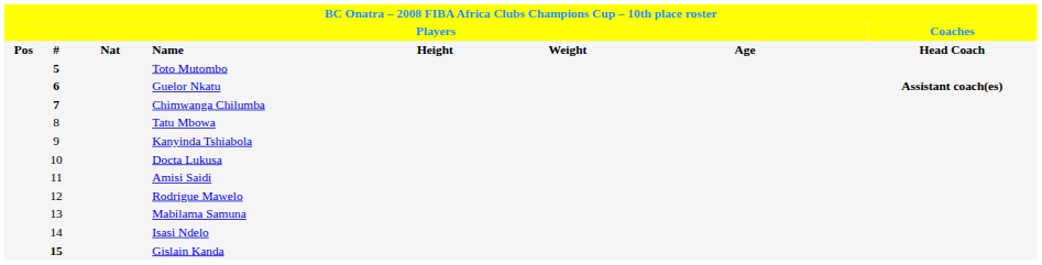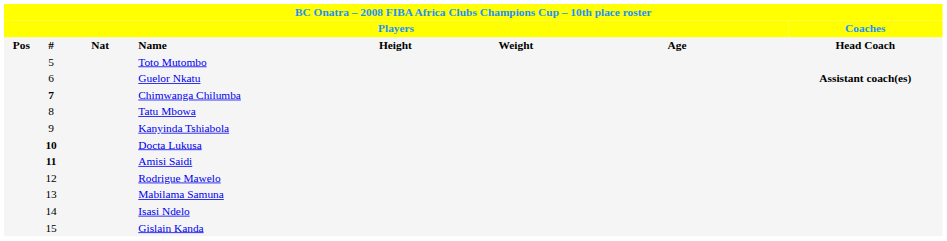 <table border=0 cellpadding=2 cellspacing=0  |- bgcolor=#f5f5f5 style="text-align:center; font-size:90%;" width=75%>
 <tr>
 <td colspan="8" style="background: yellow; color: #1e90ff"><strong>BC Onatra – 2008 FIBA Africa Clubs Champions Cup – 10th place roster</strong></td>
 </tr>
 <tr>
 <td colspan="7" style="background: yellow; color: #1e90ff"><strong>Players</strong></td>
 <td style="background: yellow; color: #1e90ff"><strong>Coaches</strong></td>
 </tr>
 <tr style="background=#f5f5f5; color: black">
 <th width=5px>Pos</th>
 <th width=5px>#</th>
 <th width=50px>Nat</th>
 <th width=135px align=left>Name</th>
 <th width=100px>Height</th>
 <th width=70px>Weight</th>
 <th width=160px>Age</th>
 <th width=110px>Head Coach</th>
 </tr>
 <tr>
 <td></td>
-<td><strong>5</strong></td>
+<td>5</td>
 <td></td>
 <td align=left><a href='#'>Toto Mutombo</a></td>
 <td></td>
 <td></td>
 <td><span></span></td>
 </tr>
 <tr>
 <td></td>
-<td><strong>6</strong></td>
+<td>6</td>
 <td></td>
 <td align=left><a href='#'>Guelor Nkatu</a></td>
 <td></td>
 <td></td>
 <td><span></span></td>
 <td><strong>Assistant coach(es)</strong></td>
 </tr>
 <tr>
 <td></td>
 <td><strong>7</strong></td>
 <td></td>
 <td align=left><a href='#'>Chimwanga Chilumba</a></td>
 <td></td>
 <td></td>
 <td><span></span></td>
 </tr>
 <tr>
 <td></td>
 <td>8</td>
 <td></td>
 <td align=left><a href='#'>Tatu Mbowa</a></td>
 <td></td>
 <td></td>
 <td><span></span></td>
 <td></td>
 </tr>
 <tr>
 <td></td>
 <td>9</td>
 <td></td>
 <td align=left><a href='#'>Kanyinda Tshiabola</a></td>
 <td></td>
 <td></td>
 <td><span></span></td>
 </tr>
 <tr>
 <td></td>
-<td>10</td>
+<td><strong>10</strong></td>
 <td></td>
 <td align=left><a href='#'>Docta Lukusa</a></td>
 <td></td>
 <td></td>
 <td><span></span></td>
 </tr>
 <tr>
 <td></td>
-<td>11</td>
+<td><strong>11</strong></td>
 <td></td>
 <td align=left><a href='#'>Amisi Saidi</a></td>
 <td></td>
 <td></td>
 <td><span></span></td>
 </tr>
 <tr>
 <td></td>
 <td>12</td>
 <td></td>
 <td align=left><a href='#'>Rodrigue Mawelo</a></td>
 <td></td>
 <td></td>
 <td><span></span></td>
 </tr>
 <tr>
 <td></td>
 <td>13</td>
 <td></td>
 <td align=left><a href='#'>Mabilama Samuna</a></td>
 <td></td>
 <td></td>
 <td><span></span></td>
 <td></td>
 </tr>
 <tr>
 <td></td>
 <td>14</td>
 <td></td>
 <td align=left><a href='#'>Isasi Ndelo</a></td>
 <td></td>
 <td></td>
 <td><span></span></td>
 <td></td>
 </tr>
 <tr>
 <td></td>
-<td><strong>15</strong></td>
+<td>15</td>
 <td></td>
 <td align=left><a href='#'>Gislain Kanda</a></td>
 <td></td>
 <td></td>
 <td><span></span></td>
 </tr>
 </table>
